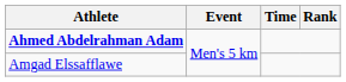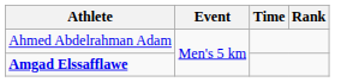 <table class="wikitable" style="font-size:90%;">
 <tr>
 <th>Athlete</th>
 <th>Event</th>
 <th>Time</th>
 <th>Rank</th>
 </tr>
 <tr align=center>
-<td align=left><strong><a href='#'>Ahmed Abdelrahman Adam</a></strong></td>
+<td align=left><a href='#'>Ahmed Abdelrahman Adam</a></td>
 <td align=left rowspan=2><a href='#'>Men's 5 km</a></td>
 <td colspan=2></td>
 </tr>
 <tr align=center>
-<td align=left><a href='#'>Amgad Elssafflawe</a></td>
+<td align=left><strong><a href='#'>Amgad Elssafflawe</a></strong></td>
 <td colspan=2></td>
 </tr>
 </table>
